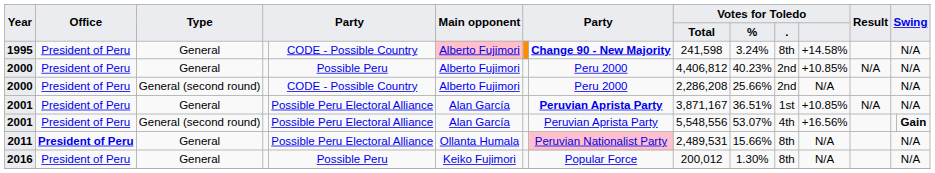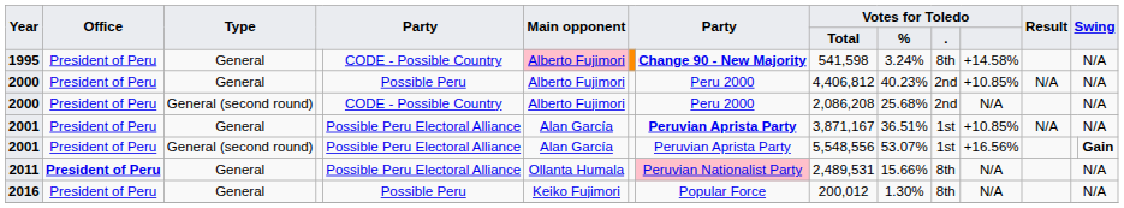 <table class="wikitable" style="font-size:90%; text-align:center;">
 <tr>
 <th style="background-color:#EAECF0;" rowspan=2>Year</th>
 <th style="background-color:#EAECF0;" rowspan=2>Office</th>
 <th style="background-color:#EAECF0;" rowspan=2>Type</th>
 <th style="background-color:#EAECF0;" colspan=2 rowspan=2>Party</th>
 <th style="background-color:#EAECF0;" rowspan=2>Main opponent</th>
 <th style="background-color:#EAECF0;" colspan=2 rowspan=2>Party</th>
 <th style="background-color:#EAECF0;" colspan=4>Votes for Toledo</th>
 <th style="background-color:#EAECF0;" rowspan=2>Result</th>
 <th style="background-color:#EAECF0;" colspan=2 rowspan=2><a href='#'>Swing</a></th>
 </tr>
 <tr>
 <th style="background-color:#EAECF0;">Total</th>
 <th style="background-color:#EAECF0;">%</th>
 <th style="background-color:#EAECF0;">.</th>
 <th style="background-color:#EAECF0;"></th>
 </tr>
 <tr>
 <th style="background-color:#EAECF0;">1995</th>
 <td><a href='#'>President of Peru</a></td>
 <td>General</td>
 <td style="background-color:"></td>
 <td><a href='#'>CODE - Possible Country</a></td>
 <td style="background: pink;"><a href='#'>Alberto Fujimori</a></td>
 <td style="background-color:#FF8C00;"></td>
 <td><strong><a href='#'>Change 90 - New Majority</a></strong></td>
-<td>241,598</td>
+<td>541,598</td>
 <td>3.24%</td>
 <td>8th</td>
 <td>+14.58%</td>
 <td></td>
 <td colspan=2>N/A</td>
 </tr>
 <tr>
 <th style="background-color:#EAECF0;">2000</th>
 <td><a href='#'>President of Peru</a></td>
 <td>General</td>
 <td style="background-color:"></td>
 <td><a href='#'>Possible Peru</a></td>
 <td><a href='#'>Alberto Fujimori</a></td>
 <td style="background-color:"></td>
 <td><a href='#'>Peru 2000</a></td>
 <td>4,406,812</td>
 <td>40.23%</td>
 <td>2nd</td>
 <td>+10.85%</td>
 <td>N/A</td>
 <td colspan=2>N/A</td>
 </tr>
 <tr>
 <th style="background-color:#EAECF0;">2000</th>
 <td><a href='#'>President of Peru</a></td>
 <td>General (second round)</td>
 <td style="background-color:"></td>
 <td><a href='#'>CODE - Possible Country</a></td>
 <td><a href='#'>Alberto Fujimori</a></td>
 <td style="background-color:"></td>
 <td><a href='#'>Peru 2000</a></td>
-<td>2,286,208</td>
-<td>25.66%</td>
+<td>2,086,208</td>
+<td>25.68%</td>
 <td>2nd</td>
 <td>N/A</td>
 <td></td>
 <td colspan=2>N/A</td>
 </tr>
 <tr>
 <th style="background-color:#EAECF0;">2001</th>
 <td><a href='#'>President of Peru</a></td>
 <td>General</td>
 <td style="background-color:"></td>
 <td><a href='#'>Possible Peru Electoral Alliance</a></td>
 <td><a href='#'>Alan García</a></td>
 <td style="background-color:"></td>
 <td><strong><a href='#'>Peruvian Aprista Party</a></strong></td>
 <td>3,871,167</td>
 <td>36.51%</td>
 <td>1st</td>
 <td>+10.85%</td>
 <td>N/A</td>
 <td colspan=2>N/A</td>
 </tr>
 <tr>
 <th style="background-color:#EAECF0;">2001</th>
 <td><a href='#'>President of Peru</a></td>
 <td>General (second round)</td>
 <td style="background-color:"></td>
 <td><a href='#'>Possible Peru Electoral Alliance</a></td>
 <td><a href='#'>Alan García</a></td>
 <td style="background-color:"></td>
 <td><a href='#'>Peruvian Aprista Party</a></td>
 <td>5,548,556</td>
 <td>53.07%</td>
-<td>4th</td>
+<td>1st</td>
 <td>+16.56%</td>
 <td></td>
 <td style="background-color:"></td>
 <td><strong>Gain</strong></td>
 </tr>
 <tr>
 <th style="background-color:#EAECF0;">2011</th>
 <td><strong><a href='#'>President of Peru</a></strong></td>
 <td>General</td>
 <td style="background-color:"></td>
 <td><a href='#'>Possible Peru Electoral Alliance</a></td>
 <td><a href='#'>Ollanta Humala</a></td>
 <td style="background-color:"></td>
 <td style="background: pink;"><a href='#'>Peruvian Nationalist Party</a></td>
 <td>2,489,531</td>
 <td>15.66%</td>
 <td>8th</td>
 <td>N/A</td>
 <td></td>
 <td colspan=2>N/A</td>
 </tr>
 <tr>
 <th style="background-color:#EAECF0;">2016</th>
 <td><a href='#'>President of Peru</a></td>
 <td>General</td>
 <td style="background-color:"></td>
 <td><a href='#'>Possible Peru</a></td>
 <td><a href='#'>Keiko Fujimori</a></td>
 <td style="background-color:"></td>
 <td><a href='#'>Popular Force</a></td>
 <td>200,012</td>
 <td>1.30%</td>
 <td>8th</td>
 <td>N/A</td>
 <td></td>
 <td colspan=2>N/A</td>
 </tr>
 <tr>
 </tr>
 </table>
